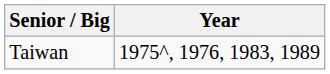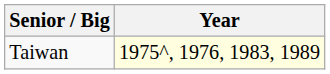 <table class="wikitable">
 <tr>
 <th>Senior / Big</th>
 <th>Year</th>
 </tr>
 <tr>
 <td> Taiwan</td>
-<td>1975^, 1976, 1983, 1989</td>
+<td style="background: lightyellow;">1975^, 1976, 1983, 1989</td>
 </tr>
 </table>
